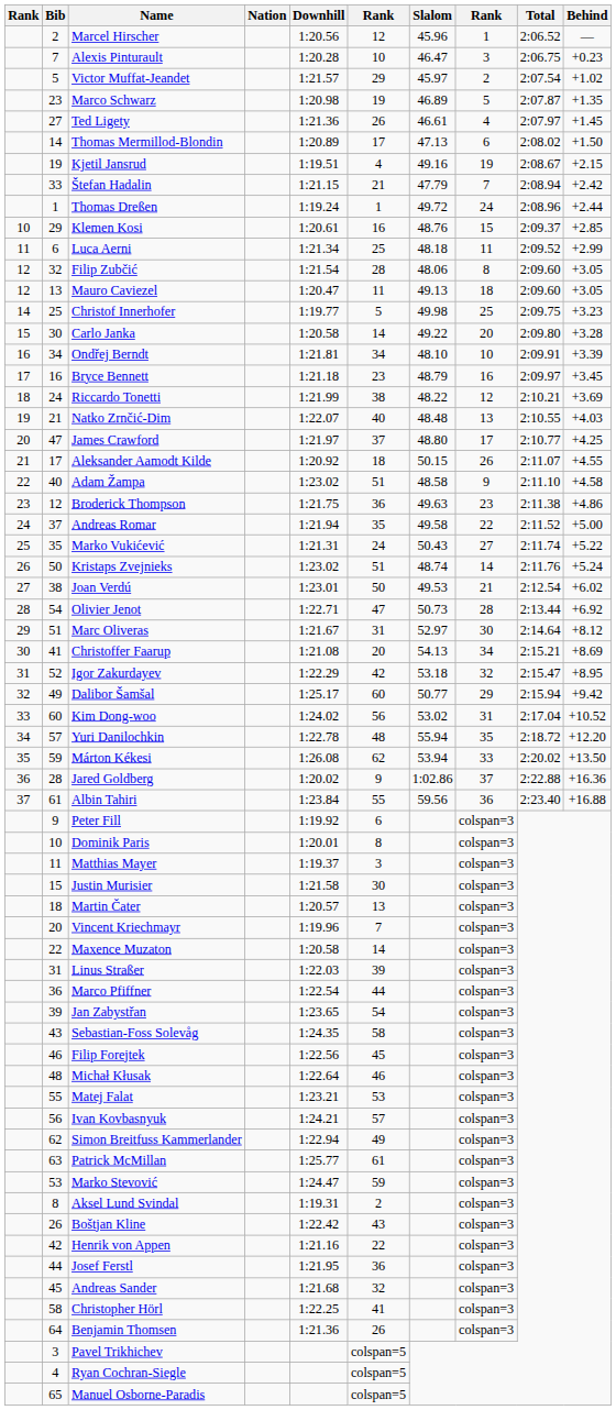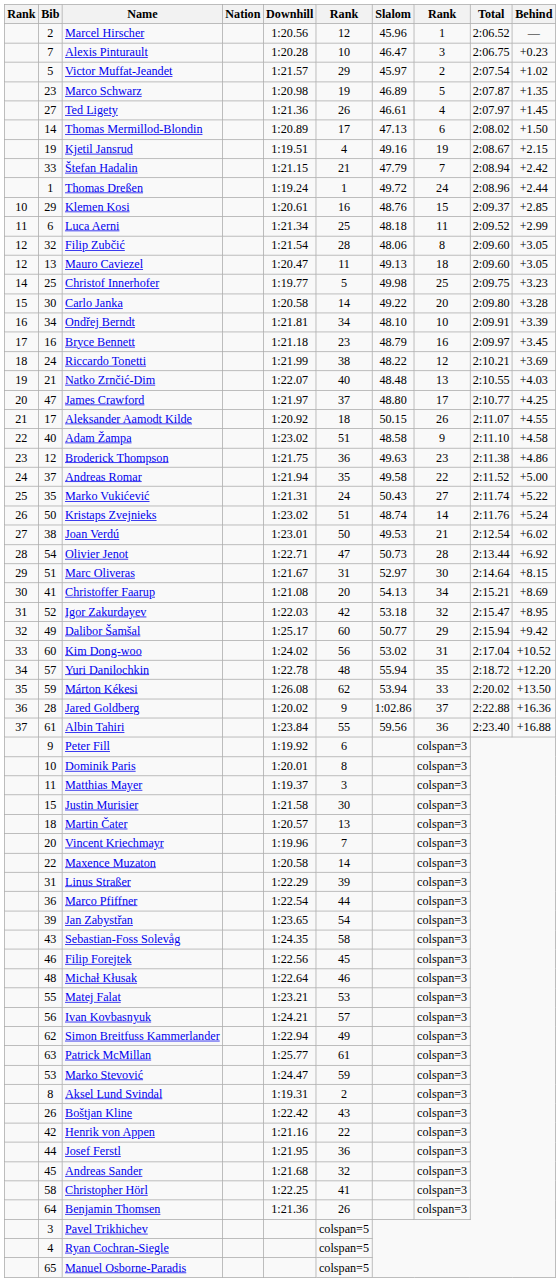 <table class="wikitable sortable" style="text-align:center">
 <tr>
 <th>Rank</th>
 <th>Bib</th>
 <th>Name</th>
 <th>Nation</th>
 <th>Downhill</th>
 <th>Rank</th>
 <th>Slalom</th>
 <th>Rank</th>
 <th>Total</th>
 <th>Behind</th>
 </tr>
 <tr>
 <td></td>
 <td>2</td>
 <td align=left><a href='#'>Marcel Hirscher</a></td>
 <td align=left></td>
 <td>1:20.56</td>
 <td>12</td>
 <td>45.96</td>
 <td>1</td>
 <td>2:06.52</td>
 <td>—</td>
 </tr>
 <tr>
 <td></td>
 <td>7</td>
 <td align=left><a href='#'>Alexis Pinturault</a></td>
 <td align=left></td>
 <td>1:20.28</td>
 <td>10</td>
 <td>46.47</td>
 <td>3</td>
 <td>2:06.75</td>
 <td>+0.23</td>
 </tr>
 <tr>
 <td></td>
 <td>5</td>
 <td align=left><a href='#'>Victor Muffat-Jeandet</a></td>
 <td align=left></td>
 <td>1:21.57</td>
 <td>29</td>
 <td>45.97</td>
 <td>2</td>
 <td>2:07.54</td>
 <td>+1.02</td>
 </tr>
 <tr>
 <td></td>
 <td>23</td>
 <td align=left><a href='#'>Marco Schwarz</a></td>
 <td align=left></td>
 <td>1:20.98</td>
 <td>19</td>
 <td>46.89</td>
 <td>5</td>
 <td>2:07.87</td>
 <td>+1.35</td>
 </tr>
 <tr>
 <td></td>
 <td>27</td>
 <td align=left><a href='#'>Ted Ligety</a></td>
 <td align=left></td>
 <td>1:21.36</td>
 <td>26</td>
 <td>46.61</td>
 <td>4</td>
 <td>2:07.97</td>
 <td>+1.45</td>
 </tr>
 <tr>
 <td></td>
 <td>14</td>
 <td align=left><a href='#'>Thomas Mermillod-Blondin</a></td>
 <td align=left></td>
 <td>1:20.89</td>
 <td>17</td>
 <td>47.13</td>
 <td>6</td>
 <td>2:08.02</td>
 <td>+1.50</td>
 </tr>
 <tr>
 <td></td>
 <td>19</td>
 <td align=left><a href='#'>Kjetil Jansrud</a></td>
 <td align=left></td>
 <td>1:19.51</td>
 <td>4</td>
 <td>49.16</td>
 <td>19</td>
 <td>2:08.67</td>
 <td>+2.15</td>
 </tr>
 <tr>
 <td></td>
 <td>33</td>
 <td align=left><a href='#'>Štefan Hadalin</a></td>
 <td align=left></td>
 <td>1:21.15</td>
 <td>21</td>
 <td>47.79</td>
 <td>7</td>
 <td>2:08.94</td>
 <td>+2.42</td>
 </tr>
 <tr>
 <td></td>
 <td>1</td>
 <td align=left><a href='#'>Thomas Dreßen</a></td>
 <td align=left></td>
 <td>1:19.24</td>
 <td>1</td>
 <td>49.72</td>
 <td>24</td>
 <td>2:08.96</td>
 <td>+2.44</td>
 </tr>
 <tr>
 <td>10</td>
 <td>29</td>
 <td align=left><a href='#'>Klemen Kosi</a></td>
 <td align=left></td>
 <td>1:20.61</td>
 <td>16</td>
 <td>48.76</td>
 <td>15</td>
 <td>2:09.37</td>
 <td>+2.85</td>
 </tr>
 <tr>
 <td>11</td>
 <td>6</td>
 <td align=left><a href='#'>Luca Aerni</a></td>
 <td align=left></td>
 <td>1:21.34</td>
 <td>25</td>
 <td>48.18</td>
 <td>11</td>
 <td>2:09.52</td>
 <td>+2.99</td>
 </tr>
 <tr>
 <td>12</td>
 <td>32</td>
 <td align=left><a href='#'>Filip Zubčić</a></td>
 <td align=left></td>
 <td>1:21.54</td>
 <td>28</td>
 <td>48.06</td>
 <td>8</td>
 <td>2:09.60</td>
 <td>+3.05</td>
 </tr>
 <tr>
 <td>12</td>
 <td>13</td>
 <td align=left><a href='#'>Mauro Caviezel</a></td>
 <td align=left></td>
 <td>1:20.47</td>
 <td>11</td>
 <td>49.13</td>
 <td>18</td>
 <td>2:09.60</td>
 <td>+3.05</td>
 </tr>
 <tr>
 <td>14</td>
 <td>25</td>
 <td align=left><a href='#'>Christof Innerhofer</a></td>
 <td align=left></td>
 <td>1:19.77</td>
 <td>5</td>
 <td>49.98</td>
 <td>25</td>
 <td>2:09.75</td>
 <td>+3.23</td>
 </tr>
 <tr>
 <td>15</td>
 <td>30</td>
 <td align=left><a href='#'>Carlo Janka</a></td>
 <td align=left></td>
 <td>1:20.58</td>
 <td>14</td>
 <td>49.22</td>
 <td>20</td>
 <td>2:09.80</td>
 <td>+3.28</td>
 </tr>
 <tr>
 <td>16</td>
 <td>34</td>
 <td align=left><a href='#'>Ondřej Berndt</a></td>
 <td align=left></td>
 <td>1:21.81</td>
 <td>34</td>
 <td>48.10</td>
 <td>10</td>
 <td>2:09.91</td>
 <td>+3.39</td>
 </tr>
 <tr>
 <td>17</td>
 <td>16</td>
 <td align=left><a href='#'>Bryce Bennett</a></td>
 <td align=left></td>
 <td>1:21.18</td>
 <td>23</td>
 <td>48.79</td>
 <td>16</td>
 <td>2:09.97</td>
 <td>+3.45</td>
 </tr>
 <tr>
 <td>18</td>
 <td>24</td>
 <td align=left><a href='#'>Riccardo Tonetti</a></td>
 <td align=left></td>
 <td>1:21.99</td>
 <td>38</td>
 <td>48.22</td>
 <td>12</td>
 <td>2:10.21</td>
 <td>+3.69</td>
 </tr>
 <tr>
 <td>19</td>
 <td>21</td>
 <td align=left><a href='#'>Natko Zrnčić-Dim</a></td>
 <td align=left></td>
 <td>1:22.07</td>
 <td>40</td>
 <td>48.48</td>
 <td>13</td>
 <td>2:10.55</td>
 <td>+4.03</td>
 </tr>
 <tr>
 <td>20</td>
 <td>47</td>
 <td align=left><a href='#'>James Crawford</a></td>
 <td align=left></td>
 <td>1:21.97</td>
 <td>37</td>
 <td>48.80</td>
 <td>17</td>
 <td>2:10.77</td>
 <td>+4.25</td>
 </tr>
 <tr>
 <td>21</td>
 <td>17</td>
 <td align=left><a href='#'>Aleksander Aamodt Kilde</a></td>
 <td align=left></td>
 <td>1:20.92</td>
 <td>18</td>
 <td>50.15</td>
 <td>26</td>
 <td>2:11.07</td>
 <td>+4.55</td>
 </tr>
 <tr>
 <td>22</td>
 <td>40</td>
 <td align=left><a href='#'>Adam Žampa</a></td>
 <td align=left></td>
 <td>1:23.02</td>
 <td>51</td>
 <td>48.58</td>
 <td>9</td>
 <td>2:11.10</td>
 <td>+4.58</td>
 </tr>
 <tr>
 <td>23</td>
 <td>12</td>
 <td align=left><a href='#'>Broderick Thompson</a></td>
 <td align=left></td>
 <td>1:21.75</td>
 <td>36</td>
 <td>49.63</td>
 <td>23</td>
 <td>2:11.38</td>
 <td>+4.86</td>
 </tr>
 <tr>
 <td>24</td>
 <td>37</td>
 <td align=left><a href='#'>Andreas Romar</a></td>
 <td align=left></td>
 <td>1:21.94</td>
 <td>35</td>
 <td>49.58</td>
 <td>22</td>
 <td>2:11.52</td>
 <td>+5.00</td>
 </tr>
 <tr>
 <td>25</td>
 <td>35</td>
 <td align=left><a href='#'>Marko Vukićević</a></td>
 <td align=left></td>
 <td>1:21.31</td>
 <td>24</td>
 <td>50.43</td>
 <td>27</td>
 <td>2:11.74</td>
 <td>+5.22</td>
 </tr>
 <tr>
 <td>26</td>
 <td>50</td>
 <td align=left><a href='#'>Kristaps Zvejnieks</a></td>
 <td align=left></td>
 <td>1:23.02</td>
 <td>51</td>
 <td>48.74</td>
 <td>14</td>
 <td>2:11.76</td>
 <td>+5.24</td>
 </tr>
 <tr>
 <td>27</td>
 <td>38</td>
 <td align=left><a href='#'>Joan Verdú</a></td>
 <td align=left></td>
 <td>1:23.01</td>
 <td>50</td>
 <td>49.53</td>
 <td>21</td>
 <td>2:12.54</td>
 <td>+6.02</td>
 </tr>
 <tr>
 <td>28</td>
 <td>54</td>
 <td align=left><a href='#'>Olivier Jenot</a></td>
 <td align=left></td>
 <td>1:22.71</td>
 <td>47</td>
 <td>50.73</td>
 <td>28</td>
 <td>2:13.44</td>
 <td>+6.92</td>
 </tr>
 <tr>
 <td>29</td>
 <td>51</td>
 <td align=left><a href='#'>Marc Oliveras</a></td>
 <td align=left></td>
 <td>1:21.67</td>
 <td>31</td>
 <td>52.97</td>
 <td>30</td>
 <td>2:14.64</td>
-<td>+8.12</td>
+<td>+8.15</td>
 </tr>
 <tr>
 <td>30</td>
 <td>41</td>
 <td align=left><a href='#'>Christoffer Faarup</a></td>
 <td align=left></td>
 <td>1:21.08</td>
 <td>20</td>
 <td>54.13</td>
 <td>34</td>
 <td>2:15.21</td>
 <td>+8.69</td>
 </tr>
 <tr>
 <td>31</td>
 <td>52</td>
 <td align=left><a href='#'>Igor Zakurdayev</a></td>
 <td align=left></td>
-<td>1:22.29</td>
+<td>1:22.03</td>
 <td>42</td>
 <td>53.18</td>
 <td>32</td>
 <td>2:15.47</td>
 <td>+8.95</td>
 </tr>
 <tr>
 <td>32</td>
 <td>49</td>
 <td align=left><a href='#'>Dalibor Šamšal</a></td>
 <td align=left></td>
 <td>1:25.17</td>
 <td>60</td>
 <td>50.77</td>
 <td>29</td>
 <td>2:15.94</td>
 <td>+9.42</td>
 </tr>
 <tr>
 <td>33</td>
 <td>60</td>
 <td align=left><a href='#'>Kim Dong-woo</a></td>
 <td align=left></td>
 <td>1:24.02</td>
 <td>56</td>
 <td>53.02</td>
 <td>31</td>
 <td>2:17.04</td>
 <td>+10.52</td>
 </tr>
 <tr>
 <td>34</td>
 <td>57</td>
 <td align=left><a href='#'>Yuri Danilochkin</a></td>
 <td align=left></td>
 <td>1:22.78</td>
 <td>48</td>
 <td>55.94</td>
 <td>35</td>
 <td>2:18.72</td>
 <td>+12.20</td>
 </tr>
 <tr>
 <td>35</td>
 <td>59</td>
 <td align=left><a href='#'>Márton Kékesi</a></td>
 <td align=left></td>
 <td>1:26.08</td>
 <td>62</td>
 <td>53.94</td>
 <td>33</td>
 <td>2:20.02</td>
 <td>+13.50</td>
 </tr>
 <tr>
 <td>36</td>
 <td>28</td>
 <td align=left><a href='#'>Jared Goldberg</a></td>
 <td align=left></td>
 <td>1:20.02</td>
 <td>9</td>
 <td>1:02.86</td>
 <td>37</td>
 <td>2:22.88</td>
 <td>+16.36</td>
 </tr>
 <tr>
 <td>37</td>
 <td>61</td>
 <td align=left><a href='#'>Albin Tahiri</a></td>
 <td align=left></td>
 <td>1:23.84</td>
 <td>55</td>
 <td>59.56</td>
 <td>36</td>
 <td>2:23.40</td>
 <td>+16.88</td>
 </tr>
 <tr>
 <td></td>
 <td>9</td>
 <td align=left><a href='#'>Peter Fill</a></td>
 <td align=left></td>
 <td>1:19.92</td>
 <td>6</td>
 <td></td>
 <td>colspan=3 </td>
 </tr>
 <tr>
 <td></td>
 <td>10</td>
 <td align=left><a href='#'>Dominik Paris</a></td>
 <td align=left></td>
 <td>1:20.01</td>
 <td>8</td>
 <td></td>
 <td>colspan=3 </td>
 </tr>
 <tr>
 <td></td>
 <td>11</td>
 <td align=left><a href='#'>Matthias Mayer</a></td>
 <td align=left></td>
 <td>1:19.37</td>
 <td>3</td>
 <td></td>
 <td>colspan=3 </td>
 </tr>
 <tr>
 <td></td>
 <td>15</td>
 <td align=left><a href='#'>Justin Murisier</a></td>
 <td align=left></td>
 <td>1:21.58</td>
 <td>30</td>
 <td></td>
 <td>colspan=3 </td>
 </tr>
 <tr>
 <td></td>
 <td>18</td>
 <td align=left><a href='#'>Martin Čater</a></td>
 <td align=left></td>
 <td>1:20.57</td>
 <td>13</td>
 <td></td>
 <td>colspan=3 </td>
 </tr>
 <tr>
 <td></td>
 <td>20</td>
 <td align=left><a href='#'>Vincent Kriechmayr</a></td>
 <td align=left></td>
 <td>1:19.96</td>
 <td>7</td>
 <td></td>
 <td>colspan=3 </td>
 </tr>
 <tr>
 <td></td>
 <td>22</td>
 <td align=left><a href='#'>Maxence Muzaton</a></td>
 <td align=left></td>
 <td>1:20.58</td>
 <td>14</td>
 <td></td>
 <td>colspan=3 </td>
 </tr>
 <tr>
 <td></td>
 <td>31</td>
 <td align=left><a href='#'>Linus Straßer</a></td>
 <td align=left></td>
-<td>1:22.03</td>
+<td>1:22.29</td>
 <td>39</td>
 <td></td>
 <td>colspan=3 </td>
 </tr>
 <tr>
 <td></td>
 <td>36</td>
 <td align=left><a href='#'>Marco Pfiffner</a></td>
 <td align=left></td>
 <td>1:22.54</td>
 <td>44</td>
 <td></td>
 <td>colspan=3 </td>
 </tr>
 <tr>
 <td></td>
 <td>39</td>
 <td align=left><a href='#'>Jan Zabystřan</a></td>
 <td align=left></td>
 <td>1:23.65</td>
 <td>54</td>
 <td></td>
 <td>colspan=3 </td>
 </tr>
 <tr>
 <td></td>
 <td>43</td>
 <td align=left><a href='#'>Sebastian-Foss Solevåg</a></td>
 <td align=left></td>
 <td>1:24.35</td>
 <td>58</td>
 <td></td>
 <td>colspan=3 </td>
 </tr>
 <tr>
 <td></td>
 <td>46</td>
 <td align=left><a href='#'>Filip Forejtek</a></td>
 <td align=left></td>
 <td>1:22.56</td>
 <td>45</td>
 <td></td>
 <td>colspan=3 </td>
 </tr>
 <tr>
 <td></td>
 <td>48</td>
 <td align=left><a href='#'>Michał Kłusak</a></td>
 <td align=left></td>
 <td>1:22.64</td>
 <td>46</td>
 <td></td>
 <td>colspan=3 </td>
 </tr>
 <tr>
 <td></td>
 <td>55</td>
 <td align=left><a href='#'>Matej Falat</a></td>
 <td align=left></td>
 <td>1:23.21</td>
 <td>53</td>
 <td></td>
 <td>colspan=3 </td>
 </tr>
 <tr>
 <td></td>
 <td>56</td>
 <td align=left><a href='#'>Ivan Kovbasnyuk</a></td>
 <td align=left></td>
 <td>1:24.21</td>
 <td>57</td>
 <td></td>
 <td>colspan=3 </td>
 </tr>
 <tr>
 <td></td>
 <td>62</td>
 <td align=left><a href='#'>Simon Breitfuss Kammerlander</a></td>
 <td align=left></td>
 <td>1:22.94</td>
 <td>49</td>
 <td></td>
 <td>colspan=3 </td>
 </tr>
 <tr>
 <td></td>
 <td>63</td>
 <td align=left><a href='#'>Patrick McMillan</a></td>
 <td align=left></td>
 <td>1:25.77</td>
 <td>61</td>
 <td></td>
 <td>colspan=3 </td>
 </tr>
 <tr>
 <td></td>
 <td>53</td>
 <td align=left><a href='#'>Marko Stevović</a></td>
 <td align=left></td>
 <td>1:24.47</td>
 <td>59</td>
 <td></td>
 <td>colspan=3 </td>
 </tr>
 <tr>
 <td></td>
 <td>8</td>
 <td align=left><a href='#'>Aksel Lund Svindal</a></td>
 <td align=left></td>
 <td>1:19.31</td>
 <td>2</td>
 <td></td>
 <td>colspan=3 </td>
 </tr>
 <tr>
 <td></td>
 <td>26</td>
 <td align=left><a href='#'>Boštjan Kline</a></td>
 <td align=left></td>
 <td>1:22.42</td>
 <td>43</td>
 <td></td>
 <td>colspan=3 </td>
 </tr>
 <tr>
 <td></td>
 <td>42</td>
 <td align=left><a href='#'>Henrik von Appen</a></td>
 <td align=left></td>
 <td>1:21.16</td>
 <td>22</td>
 <td></td>
 <td>colspan=3 </td>
 </tr>
 <tr>
 <td></td>
 <td>44</td>
 <td align=left><a href='#'>Josef Ferstl</a></td>
 <td align=left></td>
 <td>1:21.95</td>
 <td>36</td>
 <td></td>
 <td>colspan=3 </td>
 </tr>
 <tr>
 <td></td>
 <td>45</td>
 <td align=left><a href='#'>Andreas Sander</a></td>
 <td align=left></td>
 <td>1:21.68</td>
 <td>32</td>
 <td></td>
 <td>colspan=3 </td>
 </tr>
 <tr>
 <td></td>
 <td>58</td>
 <td align=left><a href='#'>Christopher Hörl</a></td>
 <td align=left></td>
 <td>1:22.25</td>
 <td>41</td>
 <td></td>
 <td>colspan=3 </td>
 </tr>
 <tr>
 <td></td>
 <td>64</td>
 <td align=left><a href='#'>Benjamin Thomsen</a></td>
 <td align=left></td>
 <td>1:21.36</td>
 <td>26</td>
 <td></td>
 <td>colspan=3 </td>
 </tr>
 <tr>
 <td></td>
 <td>3</td>
 <td align=left><a href='#'>Pavel Trikhichev</a></td>
 <td align=left></td>
 <td></td>
 <td>colspan=5 </td>
 </tr>
 <tr>
 <td></td>
 <td>4</td>
 <td align=left><a href='#'>Ryan Cochran-Siegle </a></td>
 <td align=left></td>
 <td></td>
 <td>colspan=5 </td>
 </tr>
 <tr>
 <td></td>
 <td>65</td>
 <td align=left><a href='#'>Manuel Osborne-Paradis</a></td>
 <td align=left></td>
 <td></td>
 <td>colspan=5 </td>
 </tr>
 </table>
